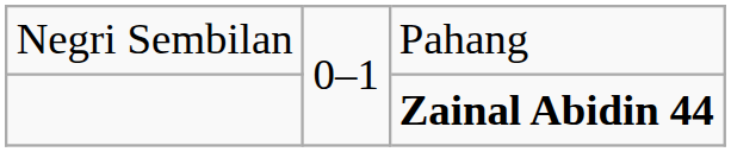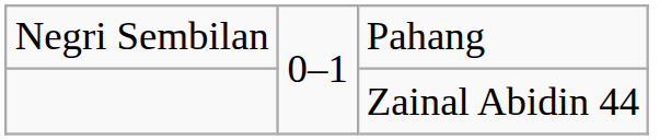 <table class="wikitable">
 <tr>
 <td>Negri Sembilan</td>
 <td rowspan="2">0–1</td>
 <td>Pahang</td>
 </tr>
 <tr>
 <td></td>
-<td><strong>Zainal Abidin 44</strong></td>
+<td>Zainal Abidin 44</td>
 </tr>
 </table>
